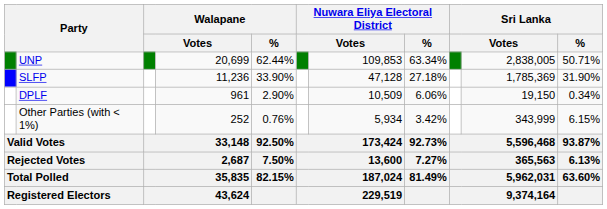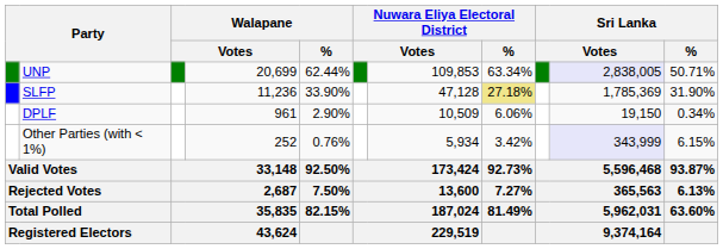 <table class="wikitable">
 <tr>
 <th colspan="2" width="144px"rowspan="2">Party</th>
 <th colspan="3" width="216px">Walapane</th>
 <th colspan="3" width="216px"><a href='#'>Nuwara Eliya Electoral District</a></th>
 <th colspan="3" width="216px">Sri Lanka</th>
 </tr>
 <tr>
 <th colspan="2" width="144px">Votes</th>
 <th>%</th>
 <th colspan="2" width="144px">Votes</th>
 <th>%</th>
 <th colspan="2" width="144px">Votes</th>
 <th>%</th>
 </tr>
 <tr>
 <td style="background-color:green;" width="10px"></td>
 <td style="text-align:left;"><a href='#'>UNP</a></td>
 <td style="background-color:green;" width="10px"></td>
 <td style="text-align:right;">20,699</td>
 <td style="text-align:right;">62.44%</td>
 <td style="background-color:green;" width="10px"></td>
 <td style="text-align:right;">109,853</td>
 <td style="text-align:right;">63.34%</td>
 <td style="background-color:green;" width="10px"></td>
-<td style="text-align:right;">2,838,005</td>
+<td style="background: lavender; text-align:right;">2,838,005</td>
 <td style="text-align:right;">50.71%</td>
 </tr>
 <tr>
 <td style="background-color:blue;" width="10px"></td>
 <td style="text-align:left;"><a href='#'>SLFP</a></td>
 <td style="background-color:white;" width="10px"></td>
 <td style="text-align:right;">11,236</td>
 <td style="text-align:right;">33.90%</td>
 <td style="background-color:white;" width="10px"></td>
 <td style="text-align:right;">47,128</td>
-<td style="text-align:right;">27.18%</td>
+<td style="background: khaki; text-align:right;">27.18%</td>
 <td style="background-color:white;" width="10px"></td>
 <td style="text-align:right;">1,785,369</td>
 <td style="text-align:right;">31.90%</td>
 </tr>
 <tr>
 <td style="background-color:white;" width="10px"></td>
 <td style="text-align:left;"><a href='#'>DPLF</a></td>
 <td style="background-color:white;" width="10px"></td>
 <td style="text-align:right;">961</td>
 <td style="text-align:right;">2.90%</td>
 <td style="background-color:white;" width="10px"></td>
 <td style="text-align:right;">10,509</td>
 <td style="text-align:right;">6.06%</td>
 <td style="background-color:white;" width="10px"></td>
 <td style="text-align:right;">19,150</td>
 <td style="text-align:right;">0.34%</td>
 </tr>
 <tr>
 <td style="background-color:white;" width="10px"></td>
 <td style="text-align:left;">Other Parties (with < 1%)</td>
 <td style="background-color:white;" width="10px"></td>
 <td style="text-align:right;">252</td>
 <td style="text-align:right;">0.76%</td>
 <td style="background-color:white;" width="10px"></td>
 <td style="text-align:right;">5,934</td>
 <td style="text-align:right;">3.42%</td>
 <td style="background-color:white;" width="10px"></td>
-<td style="text-align:right;">343,999</td>
+<td style="background: lavender; text-align:right;">343,999</td>
 <td style="text-align:right;">6.15%</td>
 </tr>
 <tr>
 <th colspan="2" width="144px"style="text-align:left;">Valid Votes</th>
 <th style="text-align:right;"colspan="2" width="144px">33,148</th>
 <th style="text-align:right;">92.50%</th>
 <th style="text-align:right;"colspan="2" width="144px">173,424</th>
 <th style="text-align:right;">92.73%</th>
 <th style="text-align:right;"colspan="2" width="144px">5,596,468</th>
 <th style="text-align:right;">93.87%</th>
 </tr>
 <tr>
 <th colspan="2" width="144px"style="text-align:left;">Rejected Votes</th>
 <th style="text-align:right;"colspan="2" width="144px">2,687</th>
 <th style="text-align:right;">7.50%</th>
 <th style="text-align:right;"colspan="2" width="144px">13,600</th>
 <th style="text-align:right;">7.27%</th>
 <th style="text-align:right;"colspan="2" width="144px">365,563</th>
 <th style="text-align:right;">6.13%</th>
 </tr>
 <tr>
 <th colspan="2" width="144px"style="text-align:left;">Total Polled</th>
 <th style="text-align:right;"colspan="2" width="144px">35,835</th>
 <th style="text-align:right;">82.15%</th>
 <th style="text-align:right;"colspan="2" width="144px">187,024</th>
 <th style="text-align:right;">81.49%</th>
 <th style="text-align:right;"colspan="2" width="144px">5,962,031</th>
 <th style="text-align:right;">63.60%</th>
 </tr>
 <tr>
 <th colspan="2" width="144px"style="text-align:left;">Registered Electors</th>
 <th style="text-align:right;"colspan="2" width="144px">43,624</th>
 <th></th>
 <th style="text-align:right;"colspan="2" width="144px">229,519</th>
 <th></th>
 <th style="text-align:right;"colspan="2" width="144px">9,374,164</th>
 <th></th>
 </tr>
 </table>
